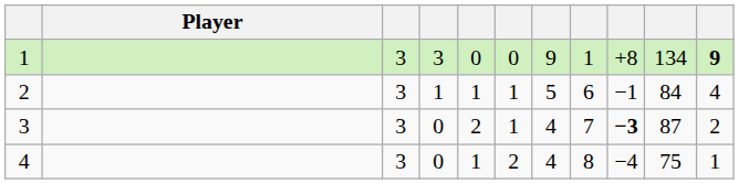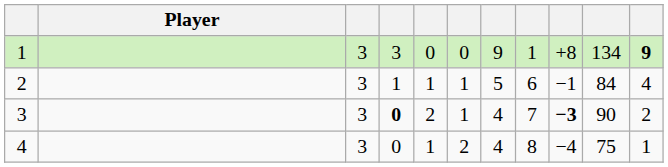 <table class="wikitable" style="text-align:center; margin: 1em auto 1em auto, align:left">
 <tr>
 <th width=20></th>
 <th width=240>Player</th>
 <th width=20></th>
 <th width=20></th>
 <th width=20></th>
 <th width=20></th>
 <th width=20></th>
 <th width=20></th>
 <th width=20></th>
 <th width=30></th>
 <th width=20></th>
 </tr>
 <tr style="background:#D0F0C0;">
 <td>1</td>
 <td align=left></td>
 <td>3</td>
 <td>3</td>
 <td>0</td>
 <td>0</td>
 <td>9</td>
 <td>1</td>
 <td>+8</td>
 <td>134</td>
 <td><strong>9</strong></td>
 </tr>
 <tr style=>
 <td>2</td>
 <td align=left></td>
 <td>3</td>
 <td>1</td>
 <td>1</td>
 <td>1</td>
 <td>5</td>
 <td>6</td>
 <td>−1</td>
 <td>84</td>
 <td>4</td>
 </tr>
 <tr style=>
 <td>3</td>
 <td align=left></td>
 <td>3</td>
-<td>0</td>
+<td><strong>0</strong></td>
 <td>2</td>
 <td>1</td>
 <td>4</td>
 <td>7</td>
 <td><strong>−3</strong></td>
-<td>87</td>
+<td>90</td>
 <td>2</td>
 </tr>
 <tr style=>
 <td>4</td>
 <td align=left></td>
 <td>3</td>
 <td>0</td>
 <td>1</td>
 <td>2</td>
 <td>4</td>
 <td>8</td>
 <td>−4</td>
 <td>75</td>
 <td>1</td>
 </tr>
 </table>
